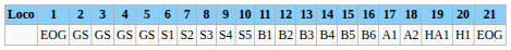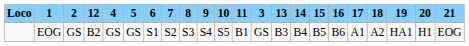 <table class="wikitable plainrowheaders unsortable" style="text-align:center">
 <tr>
 <th rowspan="1" scope="col" style="background:lightskyblue;">Loco</th>
 <th rowspan="1" scope="col" style="background:lightskyblue;">1</th>
 <th rowspan="1" scope="col" style="background:lightskyblue;">2</th>
-<th rowspan="1" scope="col" style="background:lightskyblue;">3</th>
+<th rowspan="1" scope="col" style="background:lightskyblue;">12</th>
 <th rowspan="1" scope="col" style="background:lightskyblue;">4</th>
 <th rowspan="1" scope="col" style="background:lightskyblue;">5</th>
 <th rowspan="1" scope="col" style="background:lightskyblue;">6</th>
 <th rowspan="1" scope="col" style="background:lightskyblue;">7</th>
 <th rowspan="1" scope="col" style="background:lightskyblue;">8</th>
 <th rowspan="1" scope="col" style="background:lightskyblue;">9</th>
 <th rowspan="1" scope="col" style="background:lightskyblue;">10</th>
 <th rowspan="1" scope="col" style="background:lightskyblue;">11</th>
-<th rowspan="1" scope="col" style="background:lightskyblue;">12</th>
+<th rowspan="1" scope="col" style="background:lightskyblue;">3</th>
 <th rowspan="1" scope="col" style="background:lightskyblue;">13</th>
 <th rowspan="1" scope="col" style="background:lightskyblue;">14</th>
 <th rowspan="1" scope="col" style="background:lightskyblue;">15</th>
 <th rowspan="1" scope="col" style="background:lightskyblue;">16</th>
 <th rowspan="1" scope="col" style="background:lightskyblue;">17</th>
 <th rowspan="1" scope="col" style="background:lightskyblue;">18</th>
 <th rowspan="1" scope="col" style="background:lightskyblue;">19</th>
 <th rowspan="1" scope="col" style="background:lightskyblue;">20</th>
 <th rowspan="1" scope="col" style="background:lightskyblue;">21</th>
 </tr>
 <tr>
 <td></td>
 <td>EOG</td>
 <td>GS</td>
-<td>GS</td>
+<td>B2</td>
 <td>GS</td>
 <td>GS</td>
 <td>S1</td>
 <td>S2</td>
 <td>S3</td>
 <td>S4</td>
 <td>S5</td>
 <td>B1</td>
-<td>B2</td>
+<td>GS</td>
 <td>B3</td>
 <td>B4</td>
 <td>B5</td>
 <td>B6</td>
 <td>A1</td>
 <td>A2</td>
 <td>HA1</td>
 <td>H1</td>
 <td>EOG</td>
 </tr>
 </table>
